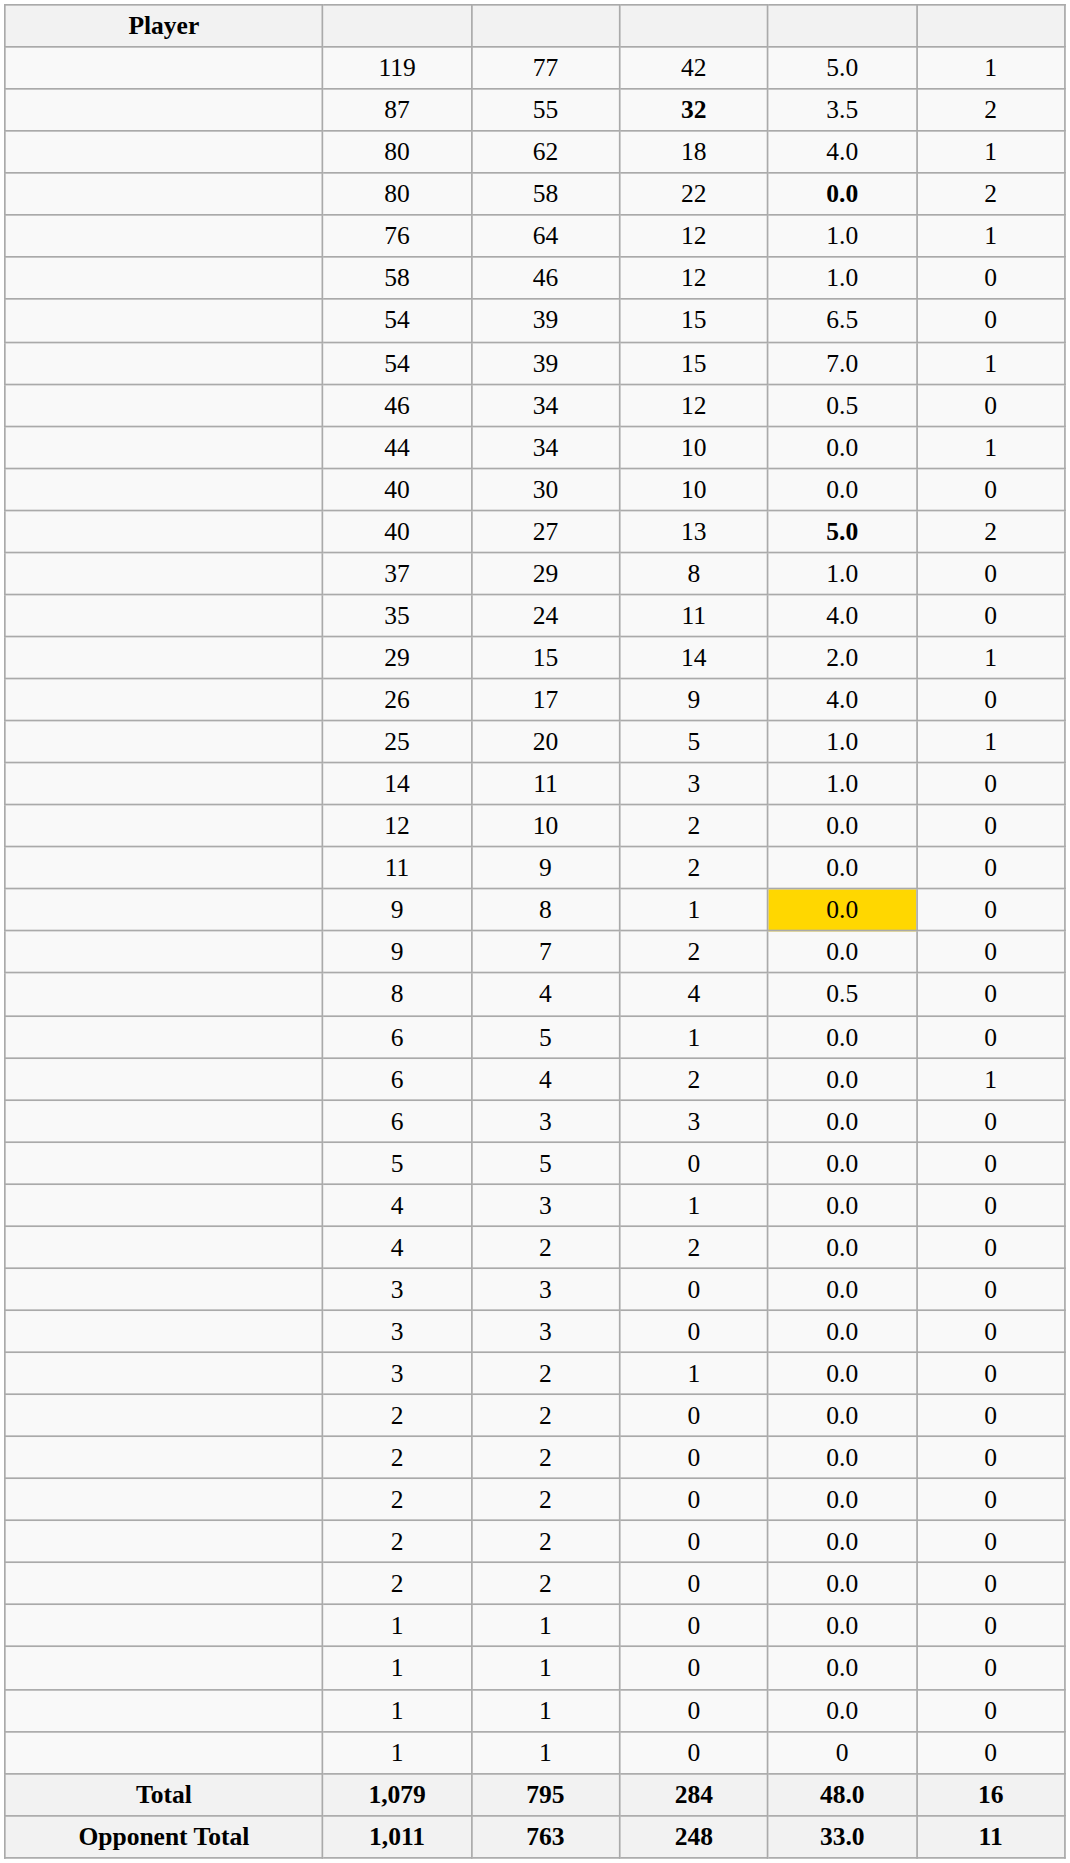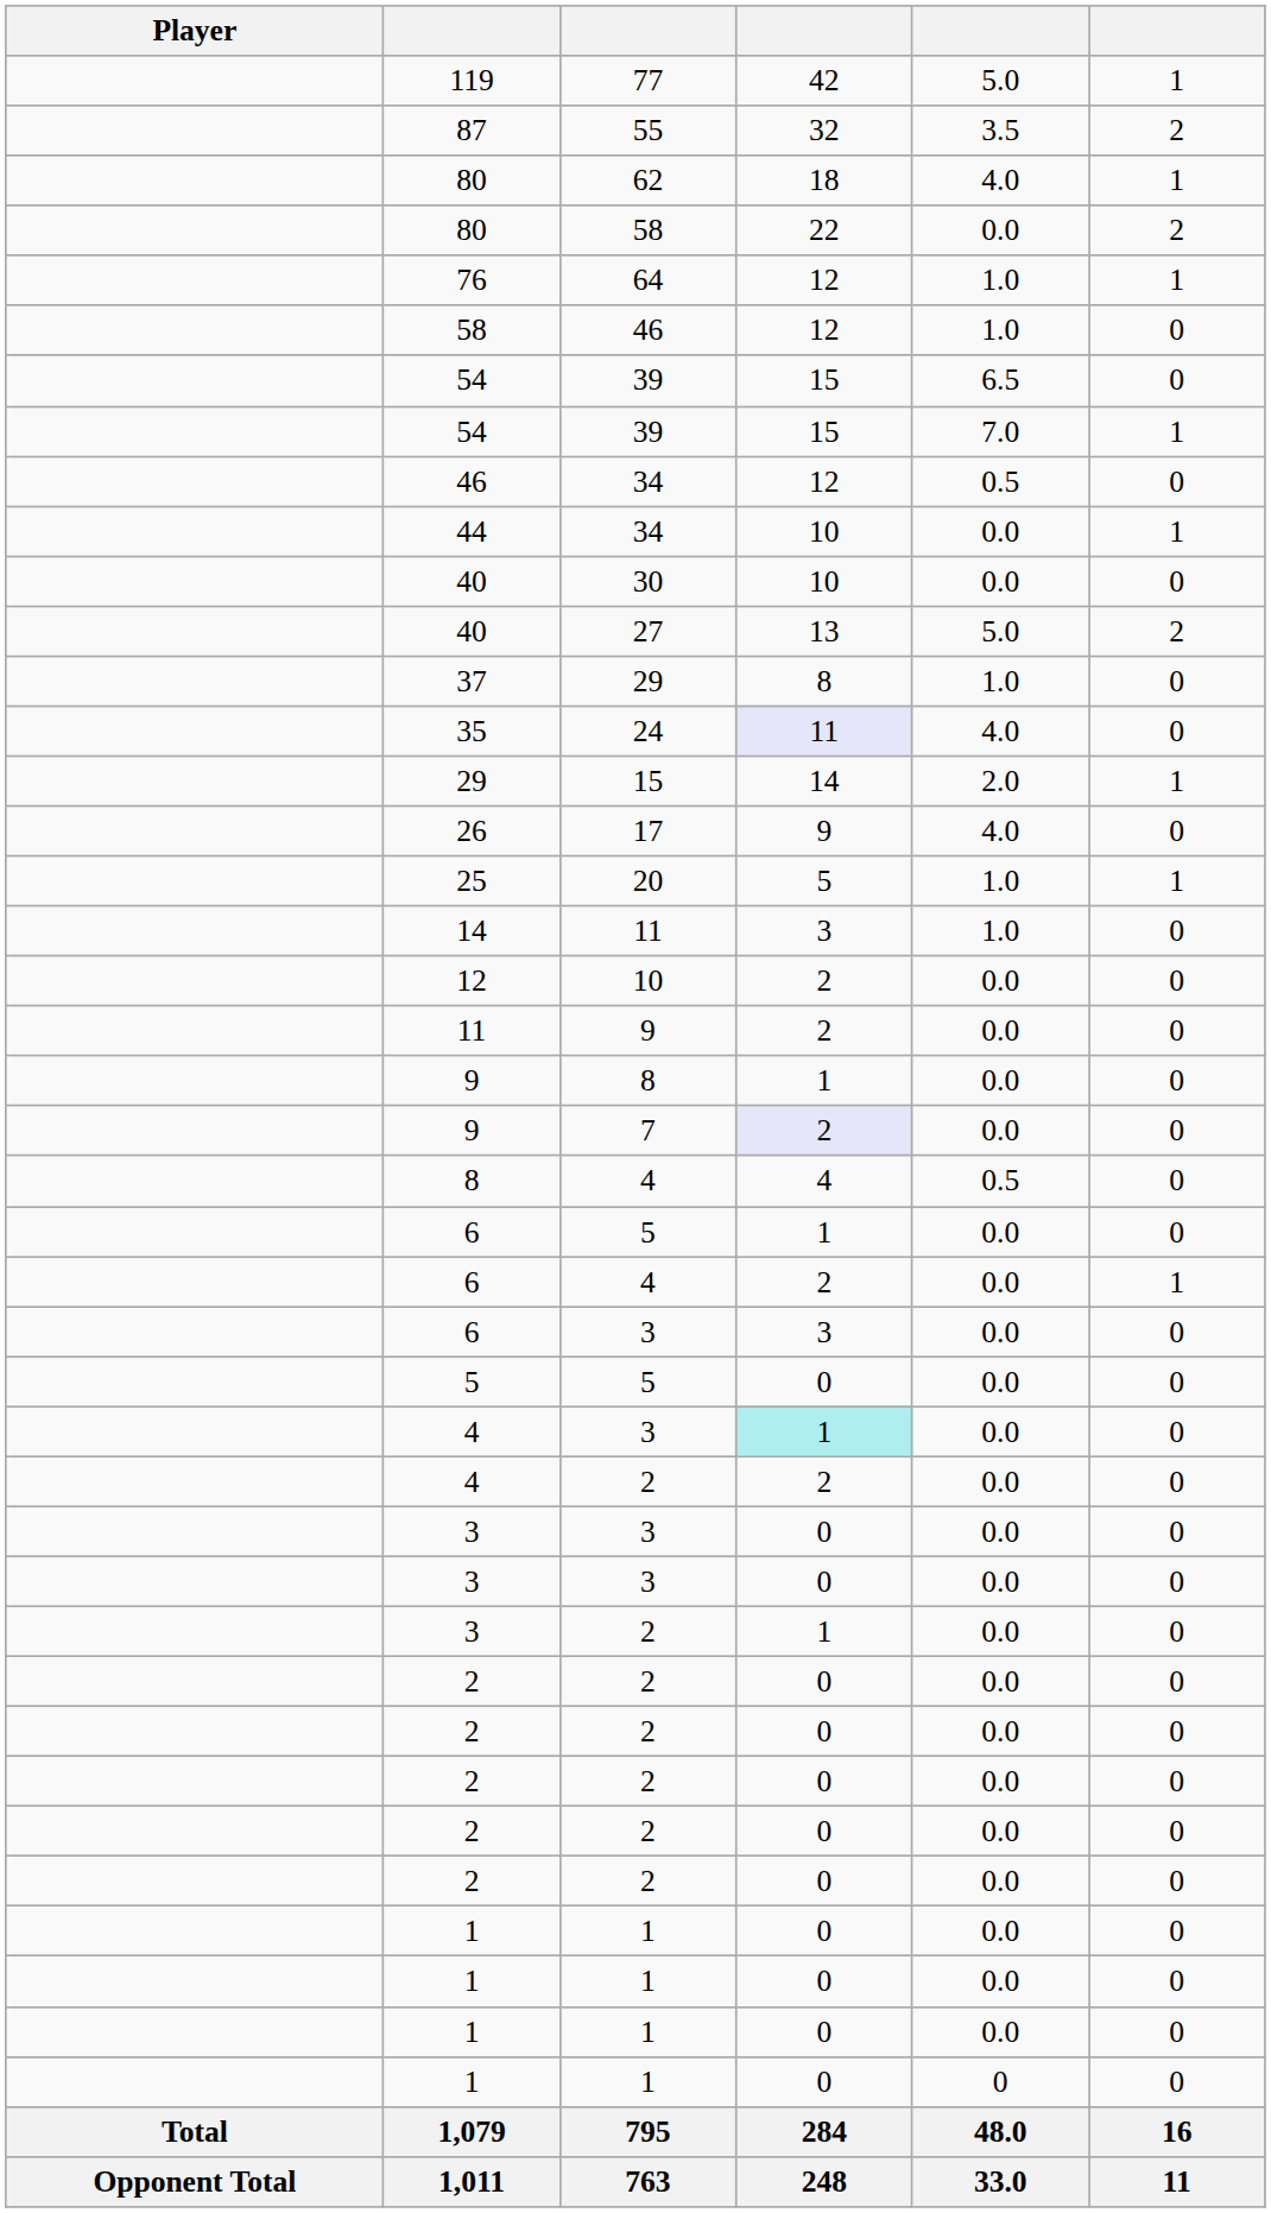 <table class="wikitable sortable" style="text-align:center; width:50%; font-size:95%;">
 <tr>
 <th width="30%">Player</th>
 <th width="14%"></th>
 <th width="14%"></th>
 <th width="14%"></th>
 <th width="14%"></th>
 <th width="14%"></th>
 </tr>
 <tr>
 <td align=left></td>
 <td>119</td>
 <td>77</td>
 <td>42</td>
 <td>5.0</td>
 <td>1</td>
 </tr>
 <tr>
 <td align=left></td>
 <td>87</td>
 <td>55</td>
-<td><strong>32</strong></td>
+<td>32</td>
 <td>3.5</td>
 <td>2</td>
 </tr>
 <tr>
 <td align=left></td>
 <td>80</td>
 <td>62</td>
 <td>18</td>
 <td>4.0</td>
 <td>1</td>
 </tr>
 <tr>
 <td align=left></td>
 <td>80</td>
 <td>58</td>
 <td>22</td>
-<td><strong>0.0</strong></td>
+<td>0.0</td>
 <td>2</td>
 </tr>
 <tr>
 <td align=left></td>
 <td>76</td>
 <td>64</td>
 <td>12</td>
 <td>1.0</td>
 <td>1</td>
 </tr>
 <tr>
 <td align=left></td>
 <td>58</td>
 <td>46</td>
 <td>12</td>
 <td>1.0</td>
 <td>0</td>
 </tr>
 <tr>
 <td align=left></td>
 <td>54</td>
 <td>39</td>
 <td>15</td>
 <td>6.5</td>
 <td>0</td>
 </tr>
 <tr>
 <td align=left></td>
 <td>54</td>
 <td>39</td>
 <td>15</td>
 <td>7.0</td>
 <td>1</td>
 </tr>
 <tr>
 <td align=left></td>
 <td>46</td>
 <td>34</td>
 <td>12</td>
 <td>0.5</td>
 <td>0</td>
 </tr>
 <tr>
 <td align=left></td>
 <td>44</td>
 <td>34</td>
 <td>10</td>
 <td>0.0</td>
 <td>1</td>
 </tr>
 <tr>
 <td align=left></td>
 <td>40</td>
 <td>30</td>
 <td>10</td>
 <td>0.0</td>
 <td>0</td>
 </tr>
 <tr>
 <td align=left></td>
 <td>40</td>
 <td>27</td>
 <td>13</td>
-<td><strong>5.0</strong></td>
+<td>5.0</td>
 <td>2</td>
 </tr>
 <tr>
 <td align=left></td>
 <td>37</td>
 <td>29</td>
 <td>8</td>
 <td>1.0</td>
 <td>0</td>
 </tr>
 <tr>
 <td align=left></td>
 <td>35</td>
 <td>24</td>
-<td>11</td>
+<td style="background: lavender;">11</td>
 <td>4.0</td>
 <td>0</td>
 </tr>
 <tr>
 <td align=left></td>
 <td>29</td>
 <td>15</td>
 <td>14</td>
 <td>2.0</td>
 <td>1</td>
 </tr>
 <tr>
 <td align=left></td>
 <td>26</td>
 <td>17</td>
 <td>9</td>
 <td>4.0</td>
 <td>0</td>
 </tr>
 <tr>
 <td align=left></td>
 <td>25</td>
 <td>20</td>
 <td>5</td>
 <td>1.0</td>
 <td>1</td>
 </tr>
 <tr>
 <td align=left></td>
 <td>14</td>
 <td>11</td>
 <td>3</td>
 <td>1.0</td>
 <td>0</td>
 </tr>
 <tr>
 <td align=left></td>
 <td>12</td>
 <td>10</td>
 <td>2</td>
 <td>0.0</td>
 <td>0</td>
 </tr>
 <tr>
 <td align=left></td>
 <td>11</td>
 <td>9</td>
 <td>2</td>
 <td>0.0</td>
 <td>0</td>
 </tr>
 <tr>
 <td align=left></td>
 <td>9</td>
 <td>8</td>
 <td>1</td>
-<td style="background: gold;">0.0</td>
+<td>0.0</td>
 <td>0</td>
 </tr>
 <tr>
 <td align=left></td>
 <td>9</td>
 <td>7</td>
-<td>2</td>
+<td style="background: lavender;">2</td>
 <td>0.0</td>
 <td>0</td>
 </tr>
 <tr>
 <td align=left></td>
 <td>8</td>
 <td>4</td>
 <td>4</td>
 <td>0.5</td>
 <td>0</td>
 </tr>
 <tr>
 <td align=left></td>
 <td>6</td>
 <td>5</td>
 <td>1</td>
 <td>0.0</td>
 <td>0</td>
 </tr>
 <tr>
 <td align=left></td>
 <td>6</td>
 <td>4</td>
 <td>2</td>
 <td>0.0</td>
 <td>1</td>
 </tr>
 <tr>
 <td align=left></td>
 <td>6</td>
 <td>3</td>
 <td>3</td>
 <td>0.0</td>
 <td>0</td>
 </tr>
 <tr>
 <td align=left></td>
 <td>5</td>
 <td>5</td>
 <td>0</td>
 <td>0.0</td>
 <td>0</td>
 </tr>
 <tr>
 <td align=left></td>
 <td>4</td>
 <td>3</td>
-<td>1</td>
+<td style="background: paleturquoise;">1</td>
 <td>0.0</td>
 <td>0</td>
 </tr>
 <tr>
 <td align=left></td>
 <td>4</td>
 <td>2</td>
 <td>2</td>
 <td>0.0</td>
 <td>0</td>
 </tr>
 <tr>
 <td align=left></td>
 <td>3</td>
 <td>3</td>
 <td>0</td>
 <td>0.0</td>
 <td>0</td>
 </tr>
 <tr>
 <td align=left></td>
 <td>3</td>
 <td>3</td>
 <td>0</td>
 <td>0.0</td>
 <td>0</td>
 </tr>
 <tr>
 <td align=left></td>
 <td>3</td>
 <td>2</td>
 <td>1</td>
 <td>0.0</td>
 <td>0</td>
 </tr>
 <tr>
 <td align=left></td>
 <td>2</td>
 <td>2</td>
 <td>0</td>
 <td>0.0</td>
 <td>0</td>
 </tr>
 <tr>
 <td align=left></td>
 <td>2</td>
 <td>2</td>
 <td>0</td>
 <td>0.0</td>
 <td>0</td>
 </tr>
 <tr>
 <td align=left></td>
 <td>2</td>
 <td>2</td>
 <td>0</td>
 <td>0.0</td>
 <td>0</td>
 </tr>
 <tr>
 <td align=left></td>
 <td>2</td>
 <td>2</td>
 <td>0</td>
 <td>0.0</td>
 <td>0</td>
 </tr>
 <tr>
 <td align=left></td>
 <td>2</td>
 <td>2</td>
 <td>0</td>
 <td>0.0</td>
 <td>0</td>
 </tr>
 <tr>
 <td align=left></td>
 <td>1</td>
 <td>1</td>
 <td>0</td>
 <td>0.0</td>
 <td>0</td>
 </tr>
 <tr>
 <td align=left></td>
 <td>1</td>
 <td>1</td>
 <td>0</td>
 <td>0.0</td>
 <td>0</td>
 </tr>
 <tr>
 <td align=left></td>
 <td>1</td>
 <td>1</td>
 <td>0</td>
 <td>0.0</td>
 <td>0</td>
 </tr>
 <tr>
 <td align=left></td>
 <td>1</td>
 <td>1</td>
 <td>0</td>
 <td>0</td>
 <td>0</td>
 </tr>
 <tr>
 <th>Total</th>
 <th>1,079</th>
 <th>795</th>
 <th>284</th>
 <th>48.0</th>
 <th>16</th>
 </tr>
 <tr>
 <th>Opponent Total</th>
 <th>1,011</th>
 <th>763</th>
 <th>248</th>
 <th>33.0</th>
 <th>11</th>
 </tr>
 </table>
